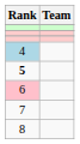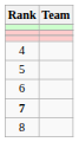 <table class="wikitable" border="1">
 <tr>
 <th>Rank</th>
 <th>Team</th>
 </tr>
 <tr>
 </tr>
 <tr bgcolor=#ccffcc>
 <td align=center></td>
 <td></td>
 </tr>
 <tr>
 </tr>
 <tr bgcolor=#ffcccc>
 <td align=center></td>
 <td></td>
 </tr>
 <tr>
 </tr>
 <tr bgcolor=#ffcccc>
 <td align=center></td>
 <td></td>
 </tr>
 <tr>
-<td align=center style="background: lightblue;">4</td>
+<td align=center>4</td>
 <td></td>
 </tr>
 <tr>
-<td align=center><strong>5</strong></td>
+<td align=center>5</td>
 <td></td>
 </tr>
 <tr>
-<td align=center style="background: pink;">6</td>
+<td align=center>6</td>
 <td></td>
 </tr>
 <tr>
-<td align=center>7</td>
+<td align=center><strong>7</strong></td>
 <td></td>
 </tr>
 <tr>
 <td align=center>8</td>
 <td></td>
 </tr>
 </table>
